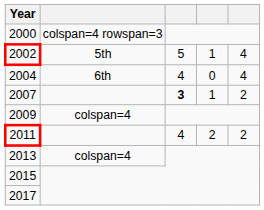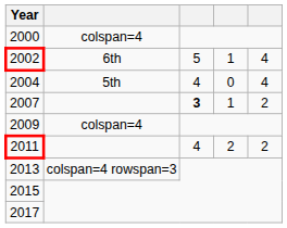 <table class="wikitable" style="text-align: center;font-size:90%;">
 <tr>
 <th>Year</th>
 <th></th>
 <th width=30></th>
 <th width=30></th>
 <th width=30></th>
 </tr>
 <tr>
 <td> 2000</td>
-<td>colspan=4 rowspan=3 </td>
+<td>colspan=4 </td>
 </tr>
 <tr>
 <td style="border: 3px solid red"> 2002</td>
-<td>5th</td>
+<td>6th</td>
 <td>5</td>
 <td>1</td>
 <td>4</td>
 </tr>
 <tr>
 <td> 2004</td>
-<td>6th</td>
+<td>5th</td>
 <td>4</td>
 <td>0</td>
 <td>4</td>
 </tr>
 <tr>
 <td> 2007</td>
 <td></td>
 <td><strong>3</strong></td>
 <td>1</td>
 <td>2</td>
 </tr>
 <tr>
 <td> 2009</td>
 <td>colspan=4 </td>
 </tr>
 <tr>
 <td style="border: 3px solid red"> 2011</td>
 <td></td>
 <td>4</td>
 <td>2</td>
 <td>2</td>
 </tr>
 <tr>
 <td> 2013</td>
-<td>colspan=4 </td>
+<td>colspan=4 rowspan=3 </td>
 </tr>
 <tr>
 <td> 2015</td>
 </tr>
 <tr>
 <td> 2017</td>
 </tr>
 </table>
